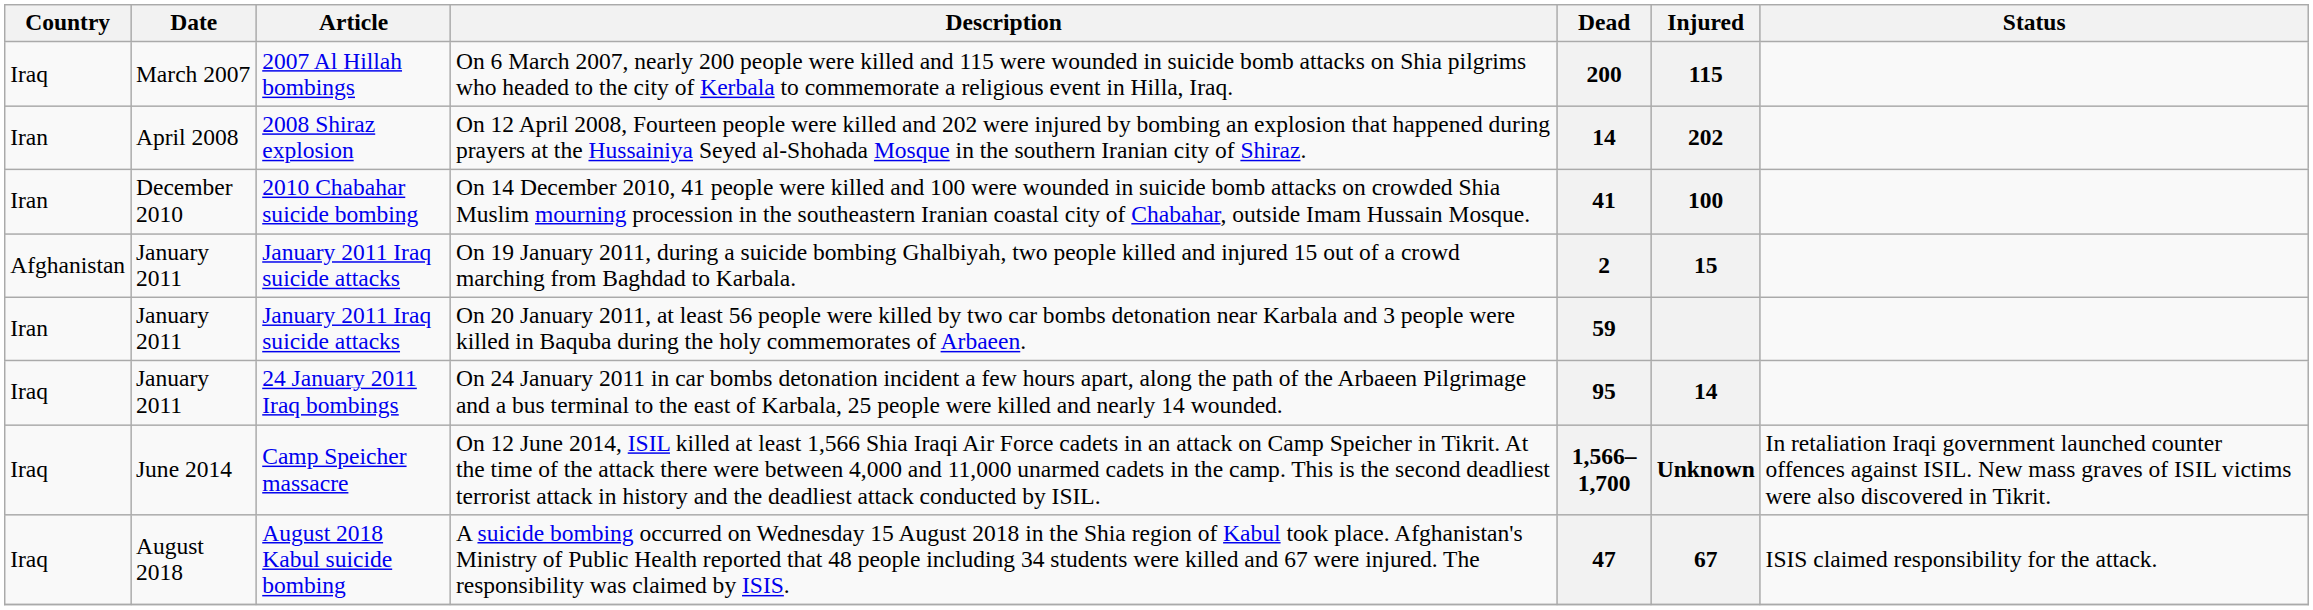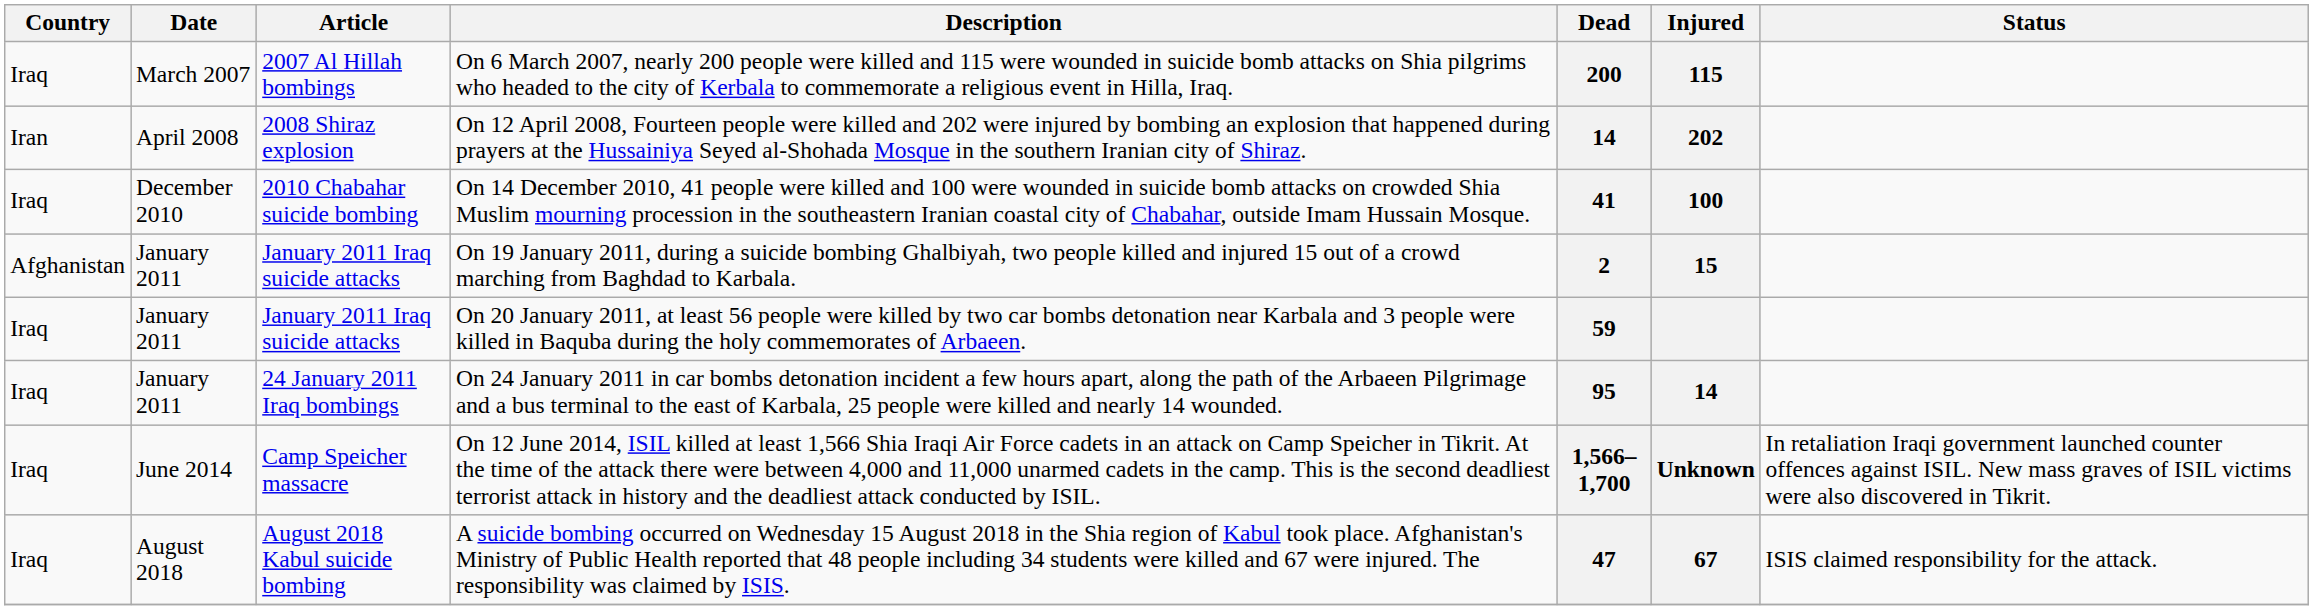 <table class="wikitable sortable">
 <tr>
 <th>Country</th>
 <th>Date</th>
 <th>Article</th>
 <th>Description</th>
 <th>Dead</th>
 <th>Injured</th>
 <th>Status</th>
 </tr>
 <tr>
 <td>Iraq</td>
 <td>March 2007</td>
 <td><a href='#'>2007 Al Hillah bombings</a></td>
 <td>On 6 March 2007, nearly 200 people were killed and 115 were wounded in suicide bomb attacks on Shia pilgrims who headed to the city of <a href='#'>Kerbala</a> to commemorate a religious event in Hilla, Iraq.</td>
 <th>200</th>
 <th>115</th>
 <td></td>
 </tr>
 <tr>
 <td>Iran</td>
 <td>April 2008</td>
 <td><a href='#'>2008 Shiraz explosion</a></td>
 <td>On 12 April 2008, Fourteen people were killed and 202 were injured by bombing an explosion that happened during prayers at the <a href='#'>Hussainiya</a> Seyed al-Shohada <a href='#'>Mosque</a> in the southern Iranian city of <a href='#'>Shiraz</a>.</td>
 <th>14</th>
 <th>202</th>
 </tr>
 <tr>
-<td>Iran</td>
+<td>Iraq</td>
 <td>December 2010</td>
 <td><a href='#'>2010 Chabahar suicide bombing</a></td>
 <td>On 14 December 2010, 41 people were killed and 100 were wounded in suicide bomb attacks on crowded Shia Muslim <a href='#'>mourning</a> procession in the southeastern Iranian coastal city of <a href='#'>Chabahar</a>, outside Imam Hussain Mosque.</td>
 <th>41</th>
 <th>100</th>
 <td></td>
 </tr>
 <tr>
 <td>Afghanistan</td>
 <td>January 2011</td>
 <td><a href='#'>January 2011 Iraq suicide attacks</a></td>
 <td>On 19 January 2011, during a suicide bombing Ghalbiyah, two people killed and injured 15 out of a crowd marching from Baghdad to Karbala.</td>
 <th>2</th>
 <th>15</th>
 <td></td>
 </tr>
 <tr>
-<td>Iran</td>
+<td>Iraq</td>
 <td>January 2011</td>
 <td><a href='#'>January 2011 Iraq suicide attacks</a></td>
 <td>On 20 January 2011, at least 56 people were killed by two car bombs detonation near Karbala and 3 people were killed in Baquba during the holy commemorates of <a href='#'>Arbaeen</a>.</td>
 <th>59</th>
 <th></th>
 <td></td>
 </tr>
 <tr>
 <td>Iraq</td>
 <td>January 2011</td>
 <td><a href='#'>24 January 2011 Iraq bombings</a></td>
 <td>On 24 January 2011 in car bombs detonation incident a few hours apart, along the path of the Arbaeen Pilgrimage and a bus terminal to the east of Karbala, 25 people were killed and nearly 14 wounded.</td>
 <th>95</th>
 <th>14</th>
 <td></td>
 </tr>
 <tr>
 <td>Iraq</td>
 <td>June 2014</td>
 <td><a href='#'>Camp Speicher massacre</a></td>
 <td>On 12 June 2014, <a href='#'>ISIL</a> killed at least 1,566 Shia Iraqi Air Force cadets in an attack on Camp Speicher in Tikrit. At the time of the attack there were between 4,000 and 11,000 unarmed cadets in the camp. This is the second deadliest terrorist attack in history and the deadliest attack conducted by ISIL.</td>
 <th>1,566–1,700</th>
 <th>Unknown</th>
 <td>In retaliation Iraqi government launched counter offences against ISIL. New mass graves of ISIL victims were also discovered in Tikrit.</td>
 </tr>
 <tr>
 <td>Iraq</td>
 <td>August 2018</td>
 <td><a href='#'>August 2018 Kabul suicide bombing</a></td>
 <td>A <a href='#'>suicide bombing</a> occurred on Wednesday 15 August 2018  in the Shia region of <a href='#'>Kabul</a> took place.  Afghanistan's Ministry of Public Health reported that 48 people including 34 students were killed and 67 were injured. The responsibility was claimed by <a href='#'>ISIS</a>.</td>
 <th>47</th>
 <th>67</th>
 <td>ISIS claimed responsibility for the attack.</td>
 </tr>
 <tr>
 </tr>
 </table>
